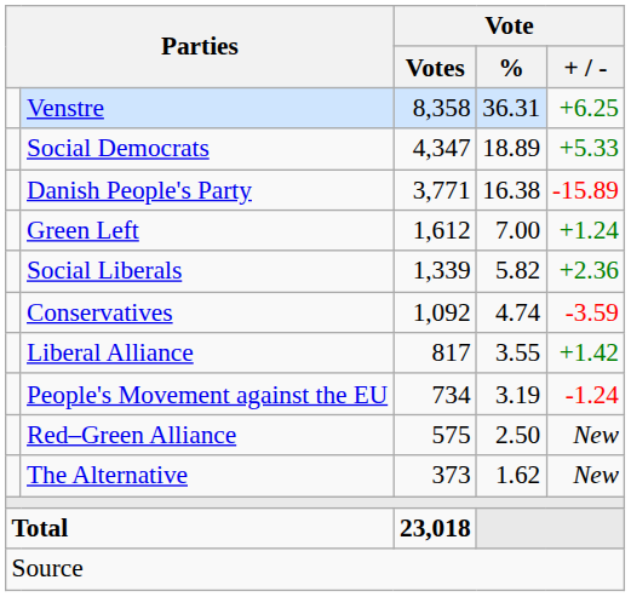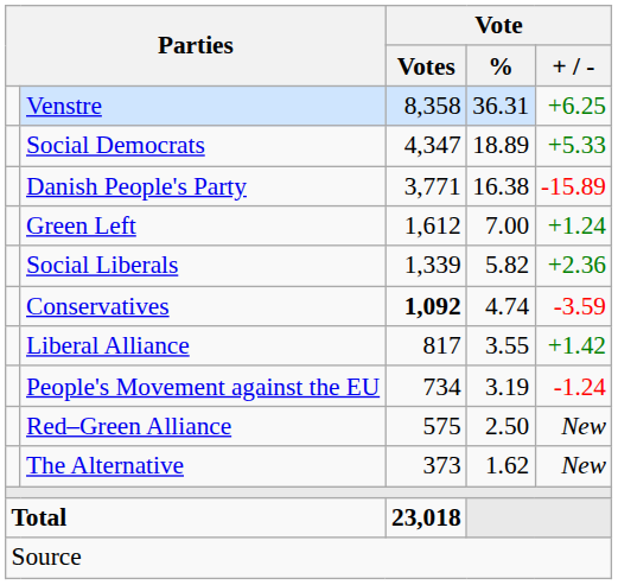 <table class="wikitable" style="text-align:right;">
 <tr>
 <th style="text-align:centre;" rowspan="2" colspan="2" width="225">Parties</th>
 <th colspan="3">Vote</th>
 </tr>
 <tr>
 <th width="15">Votes</th>
 <th width="15">%</th>
 <th width="15">+ / -</th>
 </tr>
 <tr>
 <td width="2" style="color:inherit;background:"></td>
 <td bgcolor=#cfe5fe   align="left"><a href='#'>Venstre</a></td>
 <td bgcolor=#cfe5fe>8,358</td>
 <td bgcolor=#cfe5fe>36.31</td>
 <td style=color:green;>+6.25</td>
 </tr>
 <tr>
 <td width="2" style="color:inherit;background:"></td>
 <td align="left"><a href='#'>Social Democrats</a></td>
 <td>4,347</td>
 <td>18.89</td>
 <td style=color:green;>+5.33</td>
 </tr>
 <tr>
 <td width="2" style="color:inherit;background:"></td>
 <td align="left"><a href='#'>Danish People's Party</a></td>
 <td>3,771</td>
 <td>16.38</td>
 <td style=color:red;>-15.89</td>
 </tr>
 <tr>
 <td width="2" style="color:inherit;background:"></td>
 <td align="left"><a href='#'>Green Left</a></td>
 <td>1,612</td>
 <td>7.00</td>
 <td style=color:green;>+1.24</td>
 </tr>
 <tr>
 <td width="2" style="color:inherit;background:"></td>
 <td align="left"><a href='#'>Social Liberals</a></td>
 <td>1,339</td>
 <td>5.82</td>
 <td style=color:green;>+2.36</td>
 </tr>
 <tr>
 <td width="2" style="color:inherit;background:"></td>
 <td align="left"><a href='#'>Conservatives</a></td>
-<td>1,092</td>
+<td><strong>1,092</strong></td>
 <td>4.74</td>
 <td style=color:red;>-3.59</td>
 </tr>
 <tr>
 <td width="2" style="color:inherit;background:"></td>
 <td align="left"><a href='#'>Liberal Alliance</a></td>
 <td>817</td>
 <td>3.55</td>
 <td style=color:green;>+1.42</td>
 </tr>
 <tr>
 <td width="2" style="color:inherit;background:"></td>
 <td align="left"><a href='#'>People's Movement against the EU</a></td>
 <td>734</td>
 <td>3.19</td>
 <td style=color:red;>-1.24</td>
 </tr>
 <tr>
 <td width="2" style="color:inherit;background:"></td>
 <td align="left"><a href='#'>Red–Green Alliance</a></td>
 <td>575</td>
 <td>2.50</td>
 <td><em>New</em></td>
 </tr>
 <tr>
 <td width="2" style="color:inherit;background:"></td>
 <td align="left"><a href='#'>The Alternative</a></td>
 <td>373</td>
 <td>1.62</td>
 <td><em>New</em></td>
 </tr>
 <tr>
 <td colspan="7" bgcolor="#E9E9E9"></td>
 </tr>
 <tr>
 <td align="left" colspan="2"><strong>Total</strong></td>
 <td><strong>23,018</strong></td>
 <td bgcolor="#E9E9E9" colspan="2"></td>
 </tr>
 <tr>
 <td align="left" colspan="6">Source</td>
 </tr>
 </table>
